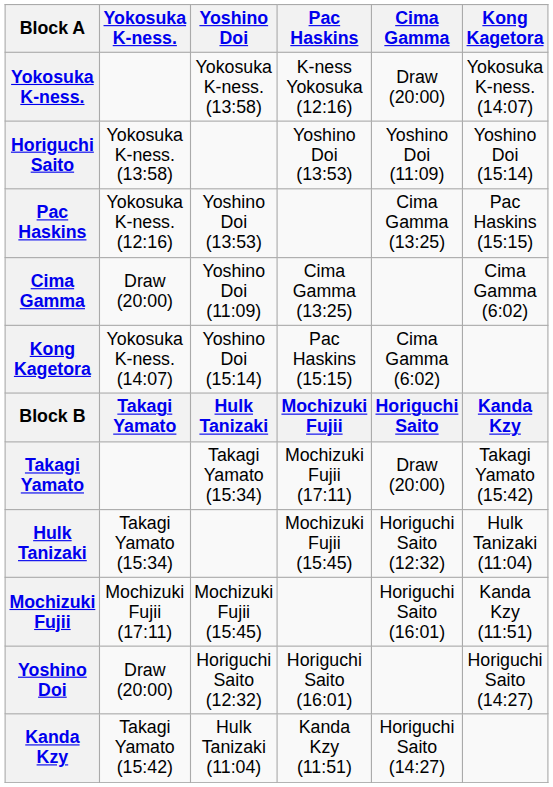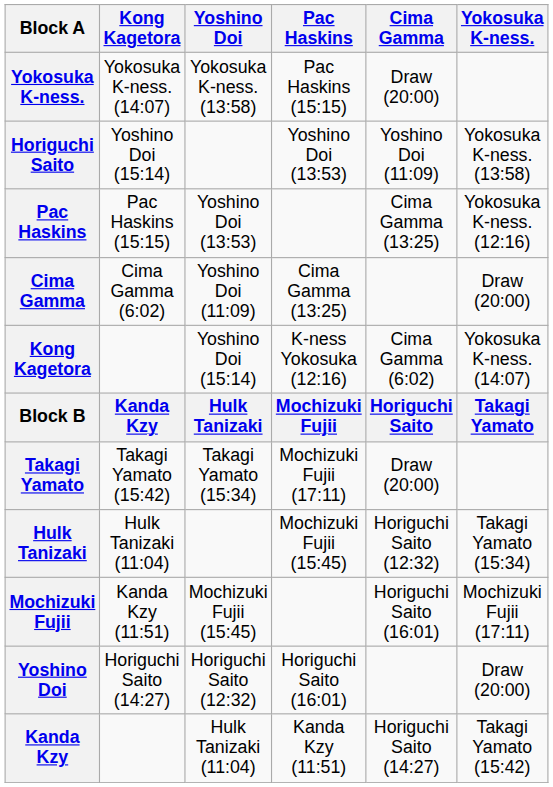 <table class="wikitable" style="margin: 1em auto 1em auto;text-align:center">
 <tr>
 <th>Block A</th>
-<th><a href='#'>Yokosuka</a><br><a href='#'>K-ness.</a></th>
+<th><a href='#'>Kong</a><br><a href='#'>Kagetora</a></th>
 <th><a href='#'>Yoshino</a><br><a href='#'>Doi</a></th>
 <th><a href='#'>Pac</a><br><a href='#'>Haskins</a></th>
 <th><a href='#'>Cima</a><br><a href='#'>Gamma</a></th>
-<th><a href='#'>Kong</a><br><a href='#'>Kagetora</a></th>
+<th><a href='#'>Yokosuka</a><br><a href='#'>K-ness.</a></th>
 </tr>
 <tr>
 <th><a href='#'>Yokosuka</a><br><a href='#'>K-ness.</a></th>
+<td>Yokosuka<br>K-ness.<br>(14:07)</td>
+<td>Yokosuka<br>K-ness.<br>(13:58)</td>
+<td>Pac<br>Haskins<br>(15:15)</td>
+<td>Draw<br>(20:00)</td>
 <td></td>
+</tr>
+<tr>
+<th><a href='#'>Horiguchi</a><br><a href='#'>Saito</a></th>
+<td>Yoshino<br>Doi<br>(15:14)</td>
+<td></td>
+<td>Yoshino<br>Doi<br>(13:53)</td>
+<td>Yoshino<br>Doi<br>(11:09)</td>
 <td>Yokosuka<br>K-ness.<br>(13:58)</td>
+</tr>
+<tr>
+<th><a href='#'>Pac</a><br><a href='#'>Haskins</a></th>
+<td>Pac<br>Haskins<br>(15:15)</td>
+<td>Yoshino<br>Doi<br>(13:53)</td>
+<td></td>
+<td>Cima<br>Gamma<br>(13:25)</td>
+<td>Yokosuka<br>K-ness.<br>(12:16)</td>
+</tr>
+<tr>
+<th><a href='#'>Cima</a><br><a href='#'>Gamma</a></th>
+<td>Cima<br>Gamma<br>(6:02)</td>
+<td>Yoshino<br>Doi<br>(11:09)</td>
+<td>Cima<br>Gamma<br>(13:25)</td>
+<td></td>
+<td>Draw<br>(20:00)</td>
+</tr>
+<tr>
+<th><a href='#'>Kong</a><br><a href='#'>Kagetora</a></th>
+<td></td>
+<td>Yoshino<br>Doi<br>(15:14)</td>
 <td>K-ness<br>Yokosuka<br>(12:16)</td>
-<td>Draw<br>(20:00)</td>
+<td>Cima<br>Gamma<br>(6:02)</td>
 <td>Yokosuka<br>K-ness.<br>(14:07)</td>
 </tr>
 <tr>
+<th>Block B</th>
+<th><a href='#'>Kanda</a><br><a href='#'>Kzy</a></th>
+<th><a href='#'>Hulk</a><br><a href='#'>Tanizaki</a></th>
+<th><a href='#'>Mochizuki</a><br><a href='#'>Fujii</a></th>
 <th><a href='#'>Horiguchi</a><br><a href='#'>Saito</a></th>
-<td>Yokosuka<br>K-ness.<br>(13:58)</td>
-<td></td>
-<td>Yoshino<br>Doi<br>(13:53)</td>
-<td>Yoshino<br>Doi<br>(11:09)</td>
-<td>Yoshino<br>Doi<br>(15:14)</td>
+<th><a href='#'>Takagi</a><br><a href='#'>Yamato</a></th>
 </tr>
 <tr>
-<th><a href='#'>Pac</a><br><a href='#'>Haskins</a></th>
-<td>Yokosuka<br>K-ness.<br>(12:16)</td>
-<td>Yoshino<br>Doi<br>(13:53)</td>
-<td></td>
-<td>Cima<br>Gamma<br>(13:25)</td>
-<td>Pac<br>Haskins<br>(15:15)</td>
-</tr>
-<tr>
-<th><a href='#'>Cima</a><br><a href='#'>Gamma</a></th>
+<th><a href='#'>Takagi</a><br><a href='#'>Yamato</a></th>
+<td>Takagi<br>Yamato<br>(15:42)</td>
+<td>Takagi<br>Yamato<br>(15:34)</td>
+<td>Mochizuki<br>Fujii<br>(17:11)</td>
 <td>Draw<br>(20:00)</td>
-<td>Yoshino<br>Doi<br>(11:09)</td>
-<td>Cima<br>Gamma<br>(13:25)</td>
-<td></td>
-<td>Cima<br>Gamma<br>(6:02)</td>
-</tr>
-<tr>
-<th><a href='#'>Kong</a><br><a href='#'>Kagetora</a></th>
-<td>Yokosuka<br>K-ness.<br>(14:07)</td>
-<td>Yoshino<br>Doi<br>(15:14)</td>
-<td>Pac<br>Haskins<br>(15:15)</td>
-<td>Cima<br>Gamma<br>(6:02)</td>
 <td></td>
 </tr>
 <tr>
-<th>Block B</th>
-<th><a href='#'>Takagi</a><br><a href='#'>Yamato</a></th>
 <th><a href='#'>Hulk</a><br><a href='#'>Tanizaki</a></th>
-<th><a href='#'>Mochizuki</a><br><a href='#'>Fujii</a></th>
-<th><a href='#'>Horiguchi</a><br><a href='#'>Saito</a></th>
-<th><a href='#'>Kanda</a><br><a href='#'>Kzy</a></th>
-</tr>
-<tr>
-<th><a href='#'>Takagi</a><br><a href='#'>Yamato</a></th>
-<td></td>
-<td>Takagi<br>Yamato<br>(15:34)</td>
-<td>Mochizuki<br>Fujii<br>(17:11)</td>
-<td>Draw<br>(20:00)</td>
-<td>Takagi<br>Yamato<br>(15:42)</td>
-</tr>
-<tr>
-<th><a href='#'>Hulk</a><br><a href='#'>Tanizaki</a></th>
-<td>Takagi<br>Yamato<br>(15:34)</td>
+<td>Hulk<br>Tanizaki<br>(11:04)</td>
 <td></td>
 <td>Mochizuki<br>Fujii<br>(15:45)</td>
 <td>Horiguchi<br>Saito<br>(12:32)</td>
-<td>Hulk<br>Tanizaki<br>(11:04)</td>
+<td>Takagi<br>Yamato<br>(15:34)</td>
 </tr>
 <tr>
 <th><a href='#'>Mochizuki</a><br><a href='#'>Fujii</a></th>
-<td>Mochizuki<br>Fujii<br>(17:11)</td>
+<td>Kanda<br>Kzy<br>(11:51)</td>
 <td>Mochizuki<br>Fujii<br>(15:45)</td>
 <td></td>
 <td>Horiguchi<br>Saito<br>(16:01)</td>
-<td>Kanda<br>Kzy<br>(11:51)</td>
+<td>Mochizuki<br>Fujii<br>(17:11)</td>
 </tr>
 <tr>
 <th><a href='#'>Yoshino</a><br><a href='#'>Doi</a></th>
-<td>Draw<br>(20:00)</td>
+<td>Horiguchi<br>Saito<br>(14:27)</td>
 <td>Horiguchi<br>Saito<br>(12:32)</td>
 <td>Horiguchi<br>Saito<br>(16:01)</td>
 <td></td>
-<td>Horiguchi<br>Saito<br>(14:27)</td>
+<td>Draw<br>(20:00)</td>
 </tr>
 <tr>
 <th><a href='#'>Kanda</a><br><a href='#'>Kzy</a></th>
-<td>Takagi<br>Yamato<br>(15:42)</td>
+<td></td>
 <td>Hulk<br>Tanizaki<br>(11:04)</td>
 <td>Kanda<br>Kzy<br>(11:51)</td>
 <td>Horiguchi<br>Saito<br>(14:27)</td>
-<td></td>
+<td>Takagi<br>Yamato<br>(15:42)</td>
 </tr>
 </table>
